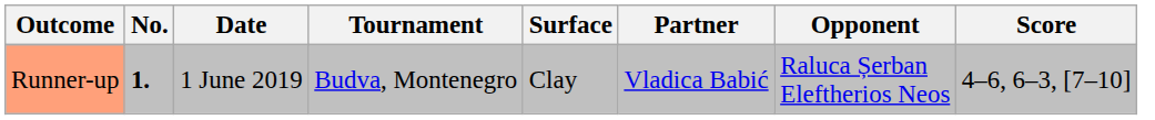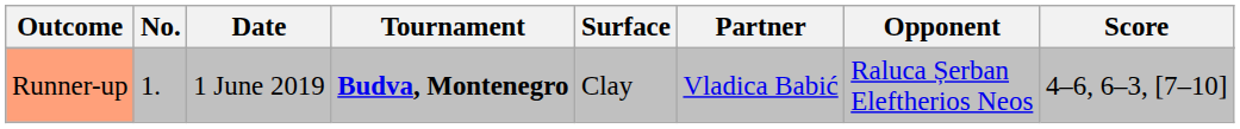 <table class=wikitable style=font-size:100%>
 <tr>
 <th>Outcome</th>
 <th>No.</th>
 <th>Date</th>
 <th>Tournament</th>
 <th>Surface</th>
 <th>Partner</th>
 <th>Opponent</th>
 <th>Score</th>
 </tr>
 <tr>
 </tr>
 <tr bgcolor=silver>
 <td bgcolor=#ffa07a>Runner-up</td>
-<td><strong>1.</strong></td>
+<td>1.</td>
 <td>1 June 2019</td>
-<td><a href='#'>Budva</a>, Montenegro</td>
+<td><strong><a href='#'>Budva</a>, Montenegro</strong></td>
 <td>Clay</td>
 <td> <a href='#'>Vladica Babić</a></td>
 <td> <a href='#'>Raluca Șerban</a><br> <a href='#'>Eleftherios Neos</a></td>
 <td>4–6, 6–3, [7–10]</td>
 </tr>
 </table>
